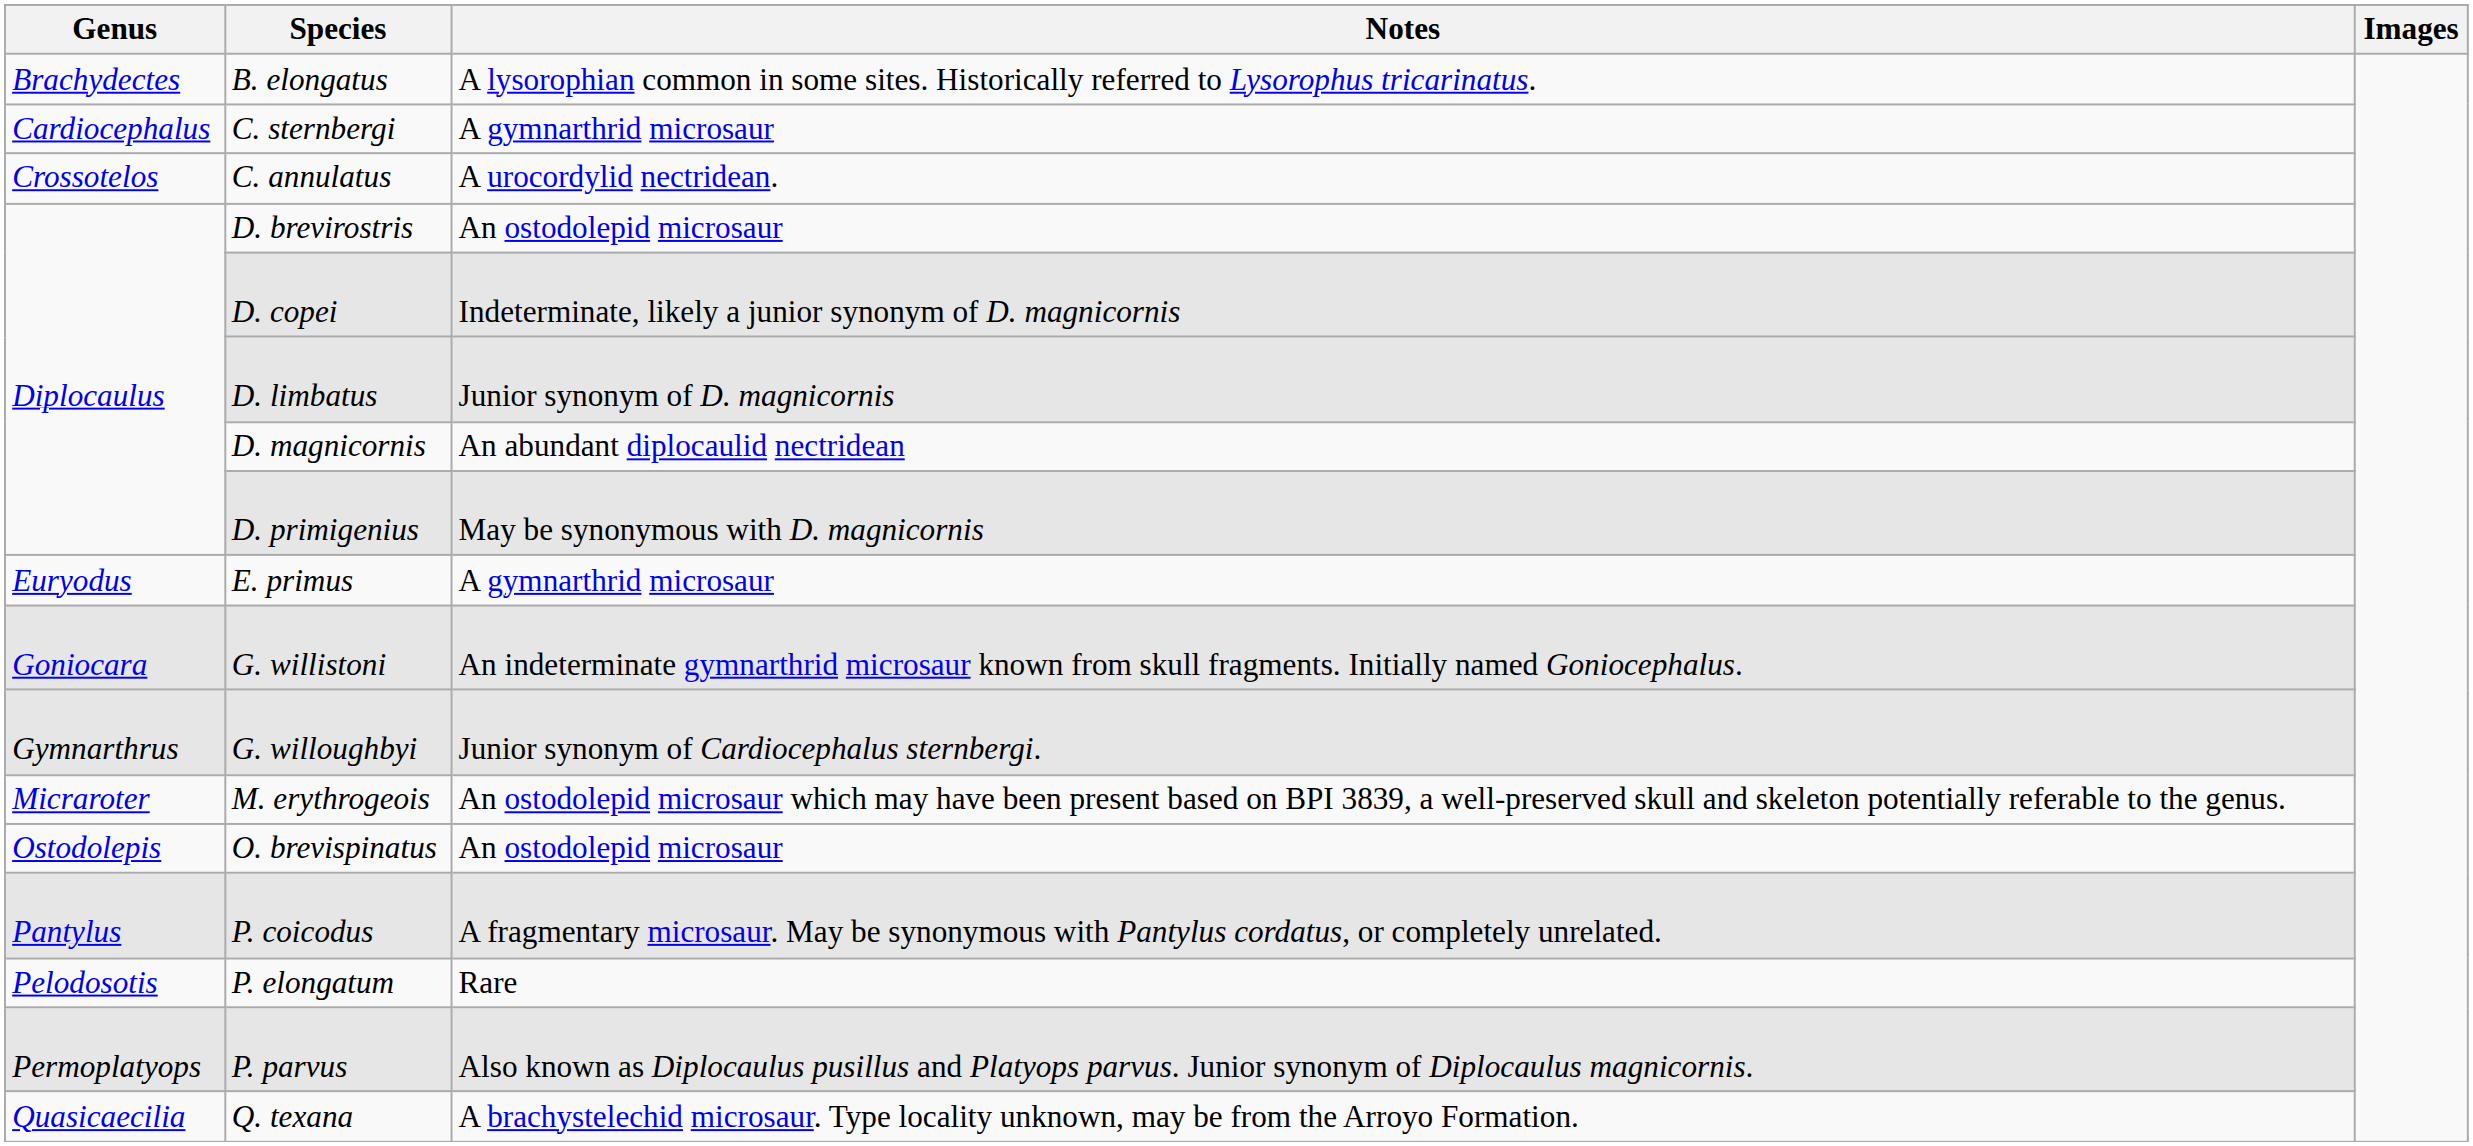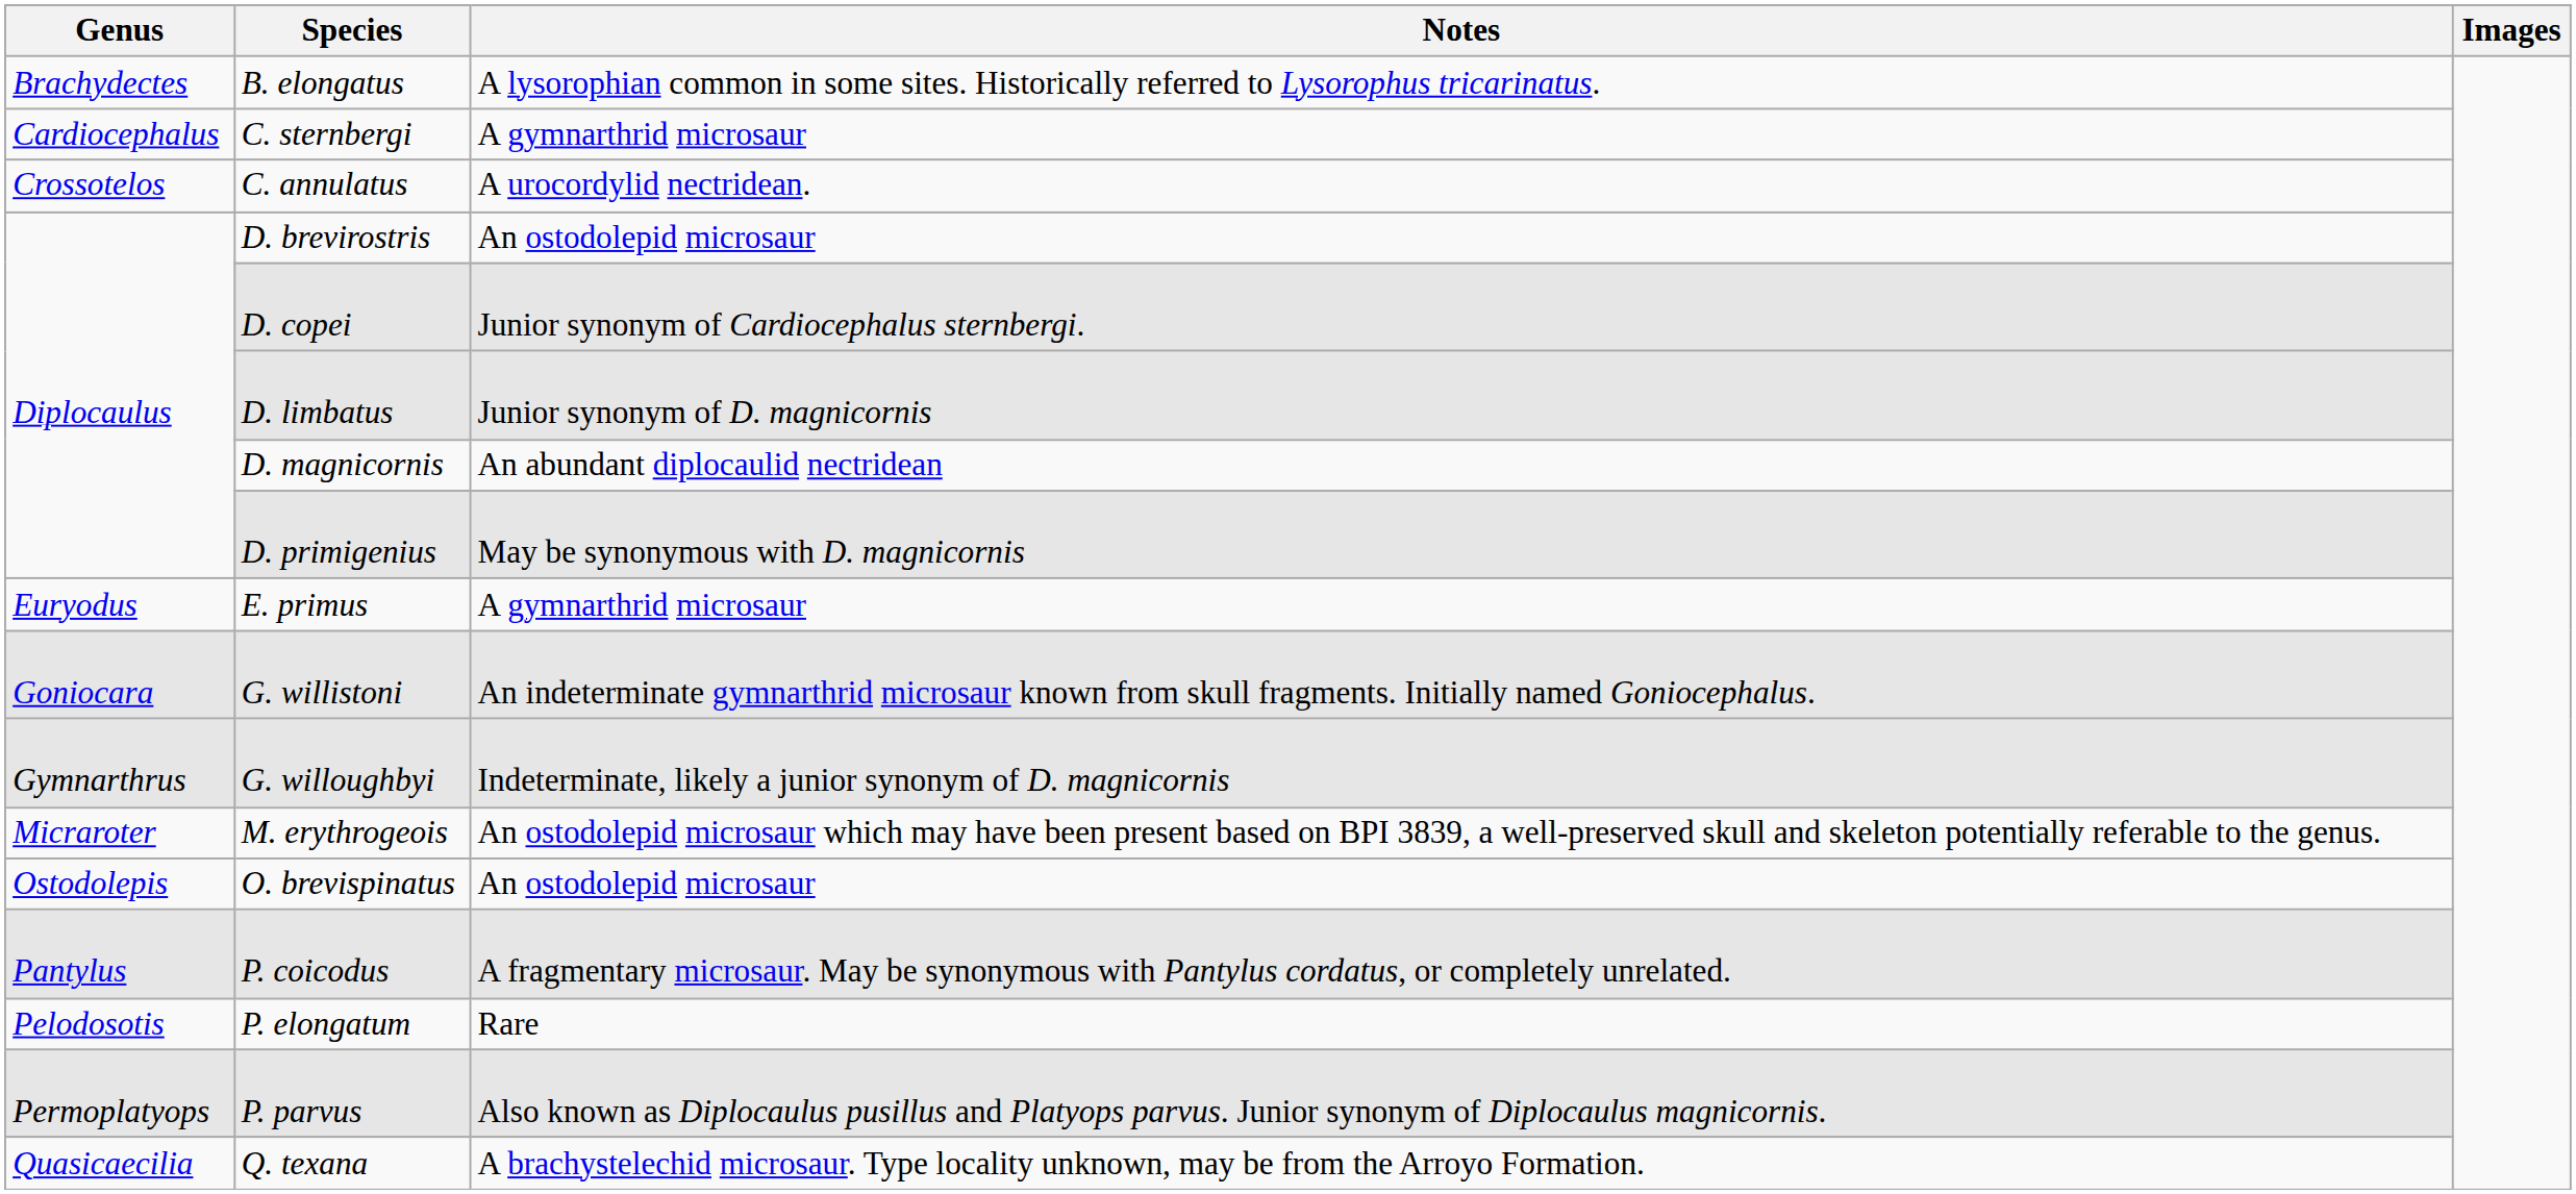 <table class="wikitable" align="center" width="100%">
 <tr>
 <th>Genus</th>
 <th>Species</th>
 <th>Notes</th>
 <th>Images</th>
 </tr>
 <tr>
 <td><em><a href='#'>Brachydectes</a></em></td>
 <td><em>B. elongatus</em></td>
 <td>A <a href='#'>lysorophian</a> common in some sites. Historically referred to <em><a href='#'> Lysorophus tricarinatus</a></em>.</td>
 <td rowspan="99"><br>  </td>
 </tr>
 <tr>
 <td><em><a href='#'>Cardiocephalus</a></em></td>
 <td><em>C. sternbergi</em></td>
 <td>A <a href='#'>gymnarthrid</a> <a href='#'>microsaur</a></td>
 </tr>
 <tr>
 <td><em><a href='#'>Crossotelos</a></em></td>
 <td><em>C. annulatus</em></td>
 <td>A <a href='#'>urocordylid</a> <a href='#'>nectridean</a>.</td>
 </tr>
 <tr>
 <td rowspan=5><br><em><a href='#'>Diplocaulus</a></em></td>
 <td><em>D. brevirostris</em></td>
 <td>An <a href='#'>ostodolepid</a> <a href='#'>microsaur</a></td>
 </tr>
 <tr>
 <td style="background:#E6E6E6;"><br><em>D. copei</em></td>
-<td style="background:#E6E6E6;"><br>Indeterminate, likely a junior synonym of <em>D. magnicornis</em></td>
+<td style="background:#E6E6E6;"><br>Junior synonym of <em>Cardiocephalus sternbergi</em>.</td>
 </tr>
 <tr>
 <td style="background:#E6E6E6;"><br><em>D. limbatus</em></td>
 <td style="background:#E6E6E6;"><br>Junior synonym of <em>D. magnicornis</em></td>
 </tr>
 <tr>
 <td><em>D. magnicornis</em></td>
 <td>An abundant <a href='#'>diplocaulid</a> <a href='#'>nectridean</a></td>
 </tr>
 <tr>
 <td style="background:#E6E6E6;"><br><em>D. primigenius</em></td>
 <td style="background:#E6E6E6;"><br>May be synonymous with <em>D. magnicornis</em></td>
 </tr>
 <tr>
 <td><em><a href='#'>Euryodus</a></em></td>
 <td><em>E. primus</em></td>
 <td>A <a href='#'>gymnarthrid</a> <a href='#'>microsaur</a></td>
 </tr>
 <tr>
 <td style="background:#E6E6E6;"><br><em><a href='#'>Goniocara</a></em></td>
 <td style="background:#E6E6E6;"><br><em>G. willistoni</em></td>
 <td style="background:#E6E6E6;"><br>An indeterminate <a href='#'>gymnarthrid</a> <a href='#'>microsaur</a> known from skull fragments. Initially named <em>Goniocephalus</em>.</td>
 </tr>
 <tr>
 <td style="background:#E6E6E6;"><br><em>Gymnarthrus</em></td>
 <td style="background:#E6E6E6;"><br><em>G. willoughbyi</em></td>
-<td style="background:#E6E6E6;"><br>Junior synonym of <em>Cardiocephalus sternbergi</em>.</td>
+<td style="background:#E6E6E6;"><br>Indeterminate, likely a junior synonym of <em>D. magnicornis</em></td>
 </tr>
 <tr>
 <td><em><a href='#'>Micraroter</a></em></td>
 <td><em>M. erythrogeois</em></td>
 <td>An <a href='#'>ostodolepid</a> <a href='#'>microsaur</a> which may have been present based on BPI 3839, a well-preserved skull and skeleton potentially referable to the genus.</td>
 </tr>
 <tr>
 <td><em><a href='#'>Ostodolepis</a></em></td>
 <td><em>O. brevispinatus</em></td>
 <td>An <a href='#'>ostodolepid</a> <a href='#'>microsaur</a></td>
 </tr>
 <tr>
 <td style="background:#E6E6E6;"><br><em><a href='#'>Pantylus</a></em></td>
 <td style="background:#E6E6E6;"><br><em>P. coicodus</em></td>
 <td style="background:#E6E6E6;"><br>A fragmentary <a href='#'>microsaur</a>. May be synonymous with <em>Pantylus cordatus</em>, or completely unrelated.</td>
 </tr>
 <tr>
 <td><em><a href='#'>Pelodosotis</a></em></td>
 <td><em>P. elongatum</em></td>
 <td>Rare</td>
 </tr>
 <tr>
 <td style="background:#E6E6E6;"><br><em>Permoplatyops</em></td>
 <td style="background:#E6E6E6;"><br><em>P. parvus</em></td>
 <td style="background:#E6E6E6;"><br>Also known as <em>Diplocaulus pusillus</em> and <em>Platyops parvus</em>. Junior synonym of <em>Diplocaulus magnicornis</em>.</td>
 </tr>
 <tr>
 <td><em><a href='#'>Quasicaecilia</a></em></td>
 <td><em>Q. texana</em></td>
 <td>A <a href='#'>brachystelechid</a> <a href='#'>microsaur</a>. Type locality unknown, may be from the Arroyo Formation.</td>
 </tr>
 </table>
